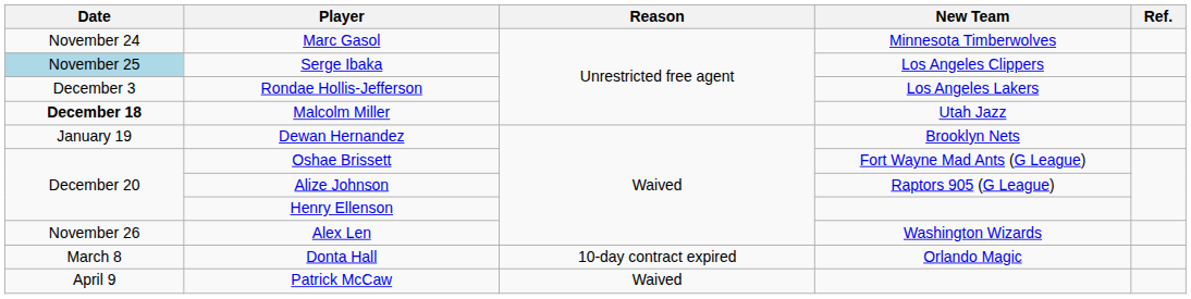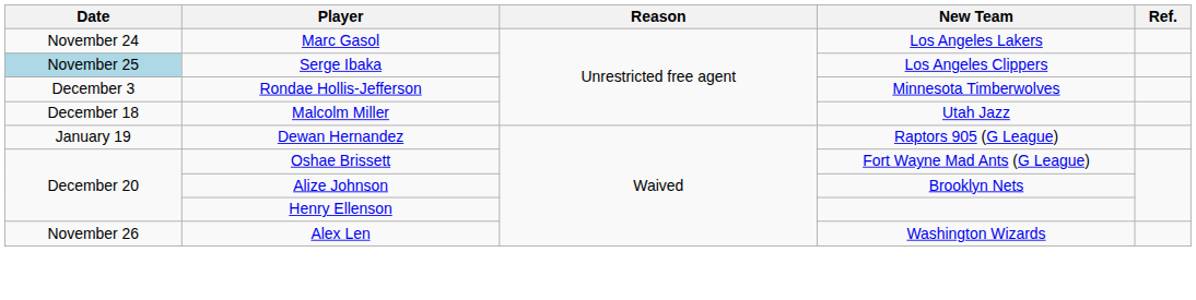 <table class="wikitable sortable sortable" style="text-align: center">
 <tr>
 <th width="5%">Date</th>
 <th width="10%">Player</th>
 <th width="10%">Reason</th>
 <th width="10%">New Team</th>
 <th class="unsortable" width="1%">Ref.</th>
 </tr>
 <tr>
 <td>November 24</td>
 <td><a href='#'>Marc Gasol</a></td>
 <td rowspan="4">Unrestricted free agent</td>
-<td><a href='#'>Minnesota Timberwolves</a></td>
+<td><a href='#'>Los Angeles Lakers</a></td>
 <td></td>
 </tr>
 <tr>
 <td style="background: lightblue;">November 25</td>
 <td><a href='#'>Serge Ibaka</a></td>
 <td><a href='#'>Los Angeles Clippers</a></td>
 <td></td>
 </tr>
 <tr>
 <td>December 3</td>
 <td><a href='#'>Rondae Hollis-Jefferson</a></td>
-<td><a href='#'>Los Angeles Lakers</a></td>
+<td><a href='#'>Minnesota Timberwolves</a></td>
 <td></td>
 </tr>
 <tr>
-<td><strong>December 18</strong></td>
+<td>December 18</td>
 <td><a href='#'>Malcolm Miller</a></td>
 <td><a href='#'>Utah Jazz</a></td>
 <td></td>
 </tr>
 <tr>
 <td>January 19</td>
 <td><a href='#'>Dewan Hernandez</a></td>
 <td rowspan="5">Waived</td>
-<td><a href='#'>Brooklyn Nets</a></td>
+<td><a href='#'>Raptors 905</a> (<a href='#'>G League</a>)</td>
 <td></td>
 </tr>
 <tr>
 <td rowspan="3">December 20</td>
 <td><a href='#'>Oshae Brissett</a></td>
 <td><a href='#'>Fort Wayne Mad Ants</a> (<a href='#'>G League</a>)</td>
 <td rowspan="3"></td>
 </tr>
 <tr>
 <td><a href='#'>Alize Johnson</a></td>
-<td><a href='#'>Raptors 905</a> (<a href='#'>G League</a>)</td>
+<td><a href='#'>Brooklyn Nets</a></td>
 </tr>
 <tr>
 <td><a href='#'>Henry Ellenson</a></td>
 <td></td>
 </tr>
 <tr>
 <td>November 26</td>
 <td><a href='#'>Alex Len</a></td>
 <td><a href='#'>Washington Wizards</a></td>
 <td></td>
 </tr>
-<tr>
-<td>March 8</td>
-<td><a href='#'>Donta Hall</a></td>
-<td>10-day contract expired</td>
-<td><a href='#'>Orlando Magic</a></td>
-<td></td>
-</tr>
-<tr>
-<td>April 9</td>
-<td><a href='#'>Patrick McCaw</a></td>
-<td>Waived</td>
-<td></td>
-<td></td>
-</tr>
 </table>
